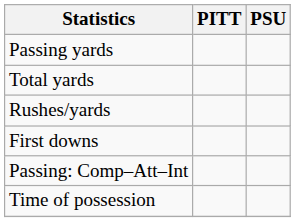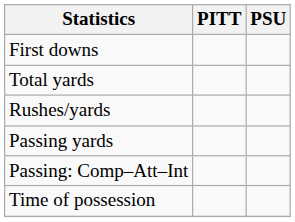 <table class="wikitable" style="float: left;">
 <tr>
 <th>Statistics</th>
 <th>PITT</th>
 <th>PSU</th>
 </tr>
 <tr>
-<td>Passing yards</td>
+<td>First downs</td>
 <td></td>
 <td></td>
 </tr>
 <tr>
 <td>Total yards</td>
 <td></td>
 <td></td>
 </tr>
 <tr>
 <td>Rushes/yards</td>
 <td></td>
 <td></td>
 </tr>
 <tr>
-<td>First downs</td>
+<td>Passing yards</td>
 <td></td>
 <td></td>
 </tr>
 <tr>
 <td>Passing: Comp–Att–Int</td>
 <td></td>
 <td></td>
 </tr>
 <tr>
 <td>Time of possession</td>
 <td></td>
 <td></td>
 </tr>
 <tr>
 </tr>
 </table>
